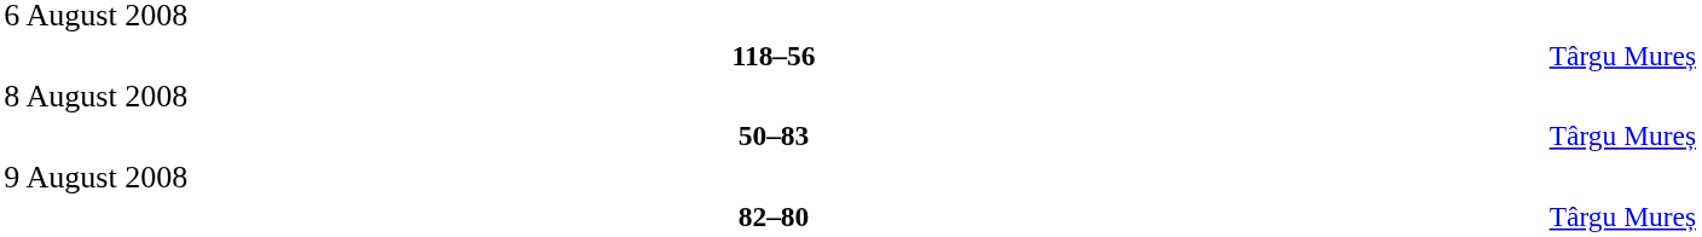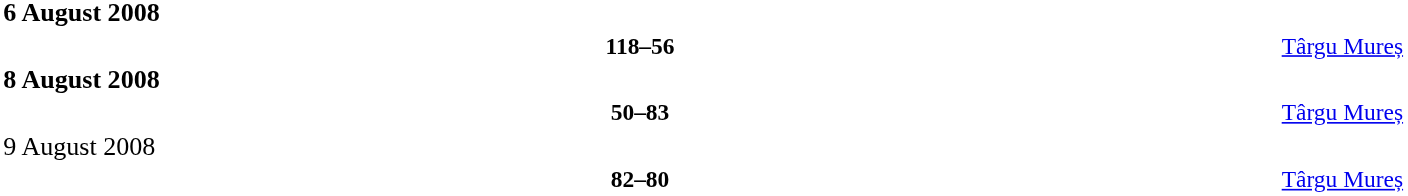 <table style="width:100%;" cellspacing="1">
 <tr>
 <th width=25%></th>
 <th width=3%></th>
 <th width=6%></th>
 <th width=3%></th>
 <th width=25%></th>
 </tr>
 <tr>
-<td>6 August 2008</td>
+<td><strong>6 August 2008</strong></td>
 </tr>
 <tr style=font-size:90%>
 <td align=right><strong></strong></td>
 <td></td>
 <td align=center><strong>118–56</strong></td>
 <td></td>
 <td><strong></strong></td>
 <td><a href='#'>Târgu Mureș</a></td>
 </tr>
 <tr>
-<td>8 August 2008</td>
+<td><strong>8 August 2008</strong></td>
 </tr>
 <tr style=font-size:90%>
 <td align=right><strong></strong></td>
 <td></td>
 <td align=center><strong>50–83</strong></td>
 <td></td>
 <td><strong></strong></td>
 <td><a href='#'>Târgu Mureș</a></td>
 </tr>
 <tr>
 <td>9 August 2008</td>
 </tr>
 <tr style=font-size:90%>
 <td align=right><strong></strong></td>
 <td></td>
 <td align=center><strong>82–80</strong></td>
 <td></td>
 <td><strong></strong></td>
 <td><a href='#'>Târgu Mureș</a></td>
 </tr>
 </table>
